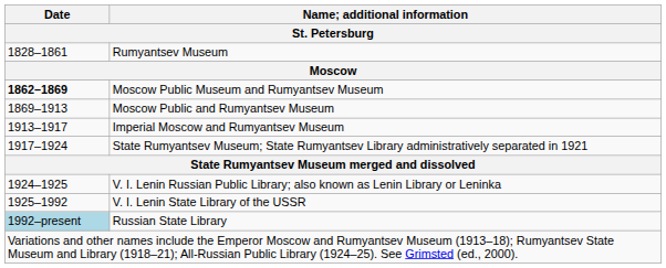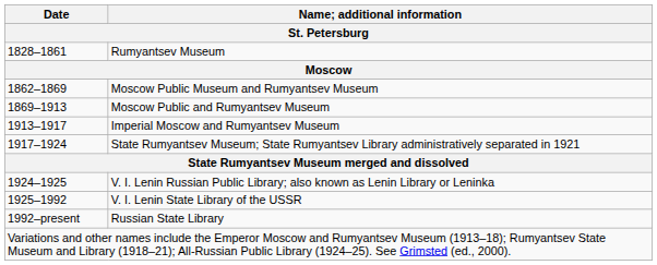 <table class="wikitable" style="font-size:90%; max-width:55em;">
 <tr>
 <th>Date</th>
 <th>Name; additional information</th>
 </tr>
 <tr>
 <th colspan="2">St. Petersburg</th>
 </tr>
 <tr>
 <td>1828–1861</td>
 <td>Rumyantsev Museum</td>
 </tr>
 <tr>
 <th colspan="2">Moscow</th>
 </tr>
 <tr>
-<td><strong>1862–1869</strong></td>
+<td>1862–1869</td>
 <td>Moscow Public Museum and Rumyantsev Museum</td>
 </tr>
 <tr>
 <td>1869–1913</td>
 <td>Moscow Public and Rumyantsev Museum</td>
 </tr>
 <tr>
 <td>1913–1917</td>
 <td>Imperial Moscow and Rumyantsev Museum</td>
 </tr>
 <tr>
 <td>1917–1924</td>
 <td>State Rumyantsev Museum; State Rumyantsev Library administratively separated in 1921</td>
 </tr>
 <tr>
 <th colspan="2">State Rumyantsev Museum merged and dissolved</th>
 </tr>
 <tr>
 <td>1924–1925</td>
 <td>V. I. Lenin Russian Public Library; also known as Lenin Library or Leninka</td>
 </tr>
 <tr>
 <td>1925–1992</td>
 <td>V. I. Lenin State Library of the USSR</td>
 </tr>
 <tr>
-<td style="background: lightblue;">1992–present</td>
+<td>1992–present</td>
 <td>Russian State Library</td>
 </tr>
 <tr>
 <td colspan="2">Variations and other names include the Emperor Moscow and Rumyantsev Museum (1913–18); Rumyantsev State Museum and Library (1918–21); All-Russian Public Library (1924–25). See <a href='#'>Grimsted</a> (ed., 2000).</td>
 </tr>
 </table>
